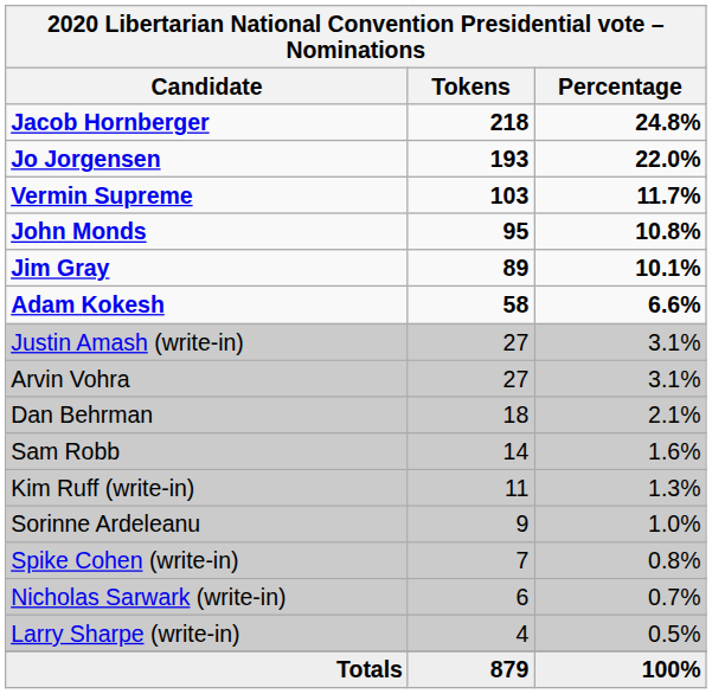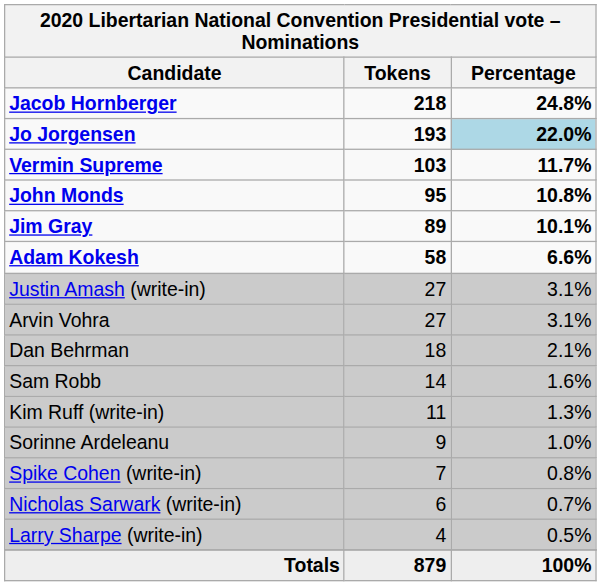 <table class="wikitable" style="font-size:95%">
 <tr>
 <th colspan="3">2020 Libertarian National Convention Presidential vote – Nominations</th>
 </tr>
 <tr>
 <th style="width: 17em">Candidate</th>
 <th style="width: 5em">Tokens</th>
 <th style="width: 7em">Percentage</th>
 </tr>
 <tr>
 <td><strong><a href='#'>Jacob Hornberger</a></strong></td>
 <td style="text-align:right;"><strong>218</strong></td>
 <td style="text-align:right;"><strong>24.8%</strong></td>
 </tr>
 <tr>
 <td><strong><a href='#'>Jo Jorgensen</a></strong></td>
 <td style="text-align:right;"><strong>193</strong></td>
-<td style="text-align:right;"><strong>22.0%</strong></td>
+<td style="background: lightblue; text-align:right;"><strong>22.0%</strong></td>
 </tr>
 <tr>
 <td><strong><a href='#'>Vermin Supreme</a></strong></td>
 <td style="text-align:right;"><strong>103</strong></td>
 <td style="text-align:right;"><strong>11.7%</strong></td>
 </tr>
 <tr>
 <td><strong><a href='#'>John Monds</a></strong></td>
 <td style="text-align:right;"><strong>95</strong></td>
 <td style="text-align:right;"><strong>10.8%</strong></td>
 </tr>
 <tr>
 <td><strong><a href='#'>Jim Gray</a></strong></td>
 <td style="text-align:right;"><strong>89</strong></td>
 <td style="text-align:right;"><strong>10.1%</strong></td>
 </tr>
 <tr>
 <td><strong><a href='#'>Adam Kokesh</a></strong></td>
 <td style="text-align:right;"><strong>58</strong></td>
 <td style="text-align:right;"><strong>6.6%</strong></td>
 </tr>
 <tr style="background:#cbcbcb">
 <td><a href='#'>Justin Amash</a> (write-in)</td>
 <td style="text-align:right;">27</td>
 <td style="text-align:right;">3.1%</td>
 </tr>
 <tr style="background:#cbcbcb">
 <td>Arvin Vohra</td>
 <td style="text-align:right;">27</td>
 <td style="text-align:right;">3.1%</td>
 </tr>
 <tr style="background:#cbcbcb">
 <td>Dan Behrman</td>
 <td style="text-align:right;">18</td>
 <td style="text-align:right;">2.1%</td>
 </tr>
 <tr style="background:#cbcbcb">
 <td>Sam Robb</td>
 <td style="text-align:right;">14</td>
 <td style="text-align:right;">1.6%</td>
 </tr>
 <tr style="background:#cbcbcb">
 <td>Kim Ruff (write-in)</td>
 <td style="text-align:right;">11</td>
 <td style="text-align:right;">1.3%</td>
 </tr>
 <tr style="background:#cbcbcb">
 <td>Sorinne Ardeleanu</td>
 <td style="text-align:right;">9</td>
 <td style="text-align:right;">1.0%</td>
 </tr>
 <tr style="background:#cbcbcb">
 <td><a href='#'>Spike Cohen</a> (write-in)</td>
 <td style="text-align:right;">7</td>
 <td style="text-align:right;">0.8%</td>
 </tr>
 <tr style="background:#cbcbcb">
 <td><a href='#'>Nicholas Sarwark</a> (write-in)</td>
 <td style="text-align:right;">6</td>
 <td style="text-align:right;">0.7%</td>
 </tr>
 <tr style="background:#cbcbcb">
 <td><a href='#'>Larry Sharpe</a> (write-in)</td>
 <td style="text-align:right;">4</td>
 <td style="text-align:right;">0.5%</td>
 </tr>
 <tr style="background:#cbcbcb">
 </tr>
 <tr style="background:#eee; text-align:right;">
 <td><strong>Totals</strong></td>
 <td><strong>879</strong></td>
 <td><strong>100%</strong></td>
 </tr>
 </table>
